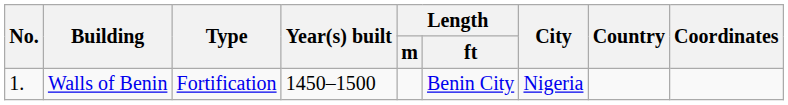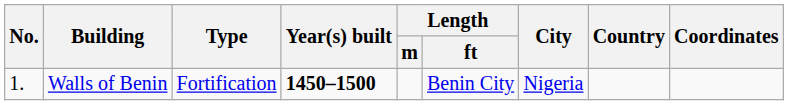 <table class="wikitable sortable">
 <tr>
 <th rowspan=2>No.</th>
 <th rowspan=2>Building</th>
 <th rowspan=2>Type</th>
 <th rowspan=2>Year(s) built</th>
 <th colspan=2>Length</th>
 <th rowspan=2>City</th>
 <th rowspan=2>Country</th>
 <th rowspan=2>Coordinates</th>
 </tr>
 <tr>
 <th>m</th>
 <th>ft</th>
 </tr>
 <tr>
 <td>1.</td>
 <td><a href='#'>Walls of Benin</a></td>
 <td><a href='#'>Fortification</a></td>
-<td>1450–1500</td>
+<td><strong>1450–1500</strong></td>
 <td></td>
 <td><a href='#'>Benin City</a></td>
 <td><a href='#'>Nigeria</a></td>
 <td></td>
 <td></td>
 </tr>
 </table>
